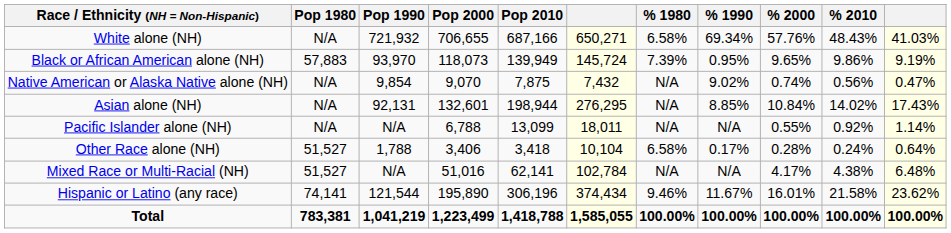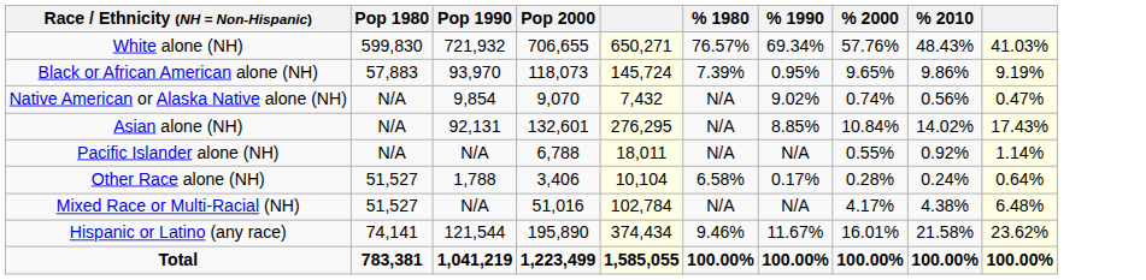 <table class="wikitable" style="text-align:center;">
 <tr>
 <th>Race / Ethnicity <small>(<em>NH = Non-Hispanic</em>)</small></th>
 <th>Pop 1980</th>
 <th>Pop 1990</th>
 <th>Pop 2000</th>
-<th>Pop 2010</th>
 <th></th>
 <th>% 1980</th>
 <th>% 1990</th>
 <th>% 2000</th>
 <th>% 2010</th>
 <th></th>
 </tr>
 <tr>
 <td><a href='#'>White</a> alone (NH)</td>
-<td>N/A</td>
+<td>599,830</td>
 <td>721,932</td>
 <td>706,655</td>
-<td>687,166</td>
 <td style='background: #ffffe6;'>650,271</td>
-<td>6.58%</td>
+<td>76.57%</td>
 <td>69.34%</td>
 <td>57.76%</td>
 <td>48.43%</td>
 <td style='background: #ffffe6;'>41.03%</td>
 </tr>
 <tr>
 <td><a href='#'>Black or African American</a> alone (NH)</td>
 <td>57,883</td>
 <td>93,970</td>
 <td>118,073</td>
-<td>139,949</td>
 <td style='background: #ffffe6;'>145,724</td>
 <td>7.39%</td>
 <td>0.95%</td>
 <td>9.65%</td>
 <td>9.86%</td>
 <td style='background: #ffffe6;'>9.19%</td>
 </tr>
 <tr>
 <td><a href='#'>Native American</a> or <a href='#'>Alaska Native</a> alone (NH)</td>
 <td>N/A</td>
 <td>9,854</td>
 <td>9,070</td>
-<td>7,875</td>
 <td style='background: #ffffe6;'>7,432</td>
 <td>N/A</td>
 <td>9.02%</td>
 <td>0.74%</td>
 <td>0.56%</td>
 <td style='background: #ffffe6;'>0.47%</td>
 </tr>
 <tr>
 <td><a href='#'>Asian</a> alone (NH)</td>
 <td>N/A</td>
 <td>92,131</td>
 <td>132,601</td>
-<td>198,944</td>
 <td style='background: #ffffe6;'>276,295</td>
 <td>N/A</td>
 <td>8.85%</td>
 <td>10.84%</td>
 <td>14.02%</td>
 <td style='background: #ffffe6;'>17.43%</td>
 </tr>
 <tr>
 <td><a href='#'>Pacific Islander</a> alone (NH)</td>
 <td>N/A</td>
 <td>N/A</td>
 <td>6,788</td>
-<td>13,099</td>
 <td style='background: #ffffe6;'>18,011</td>
 <td>N/A</td>
 <td>N/A</td>
 <td>0.55%</td>
 <td>0.92%</td>
 <td style='background: #ffffe6;'>1.14%</td>
 </tr>
 <tr>
 <td><a href='#'>Other Race</a> alone (NH)</td>
 <td>51,527</td>
 <td>1,788</td>
 <td>3,406</td>
-<td>3,418</td>
 <td style='background: #ffffe6;'>10,104</td>
 <td>6.58%</td>
 <td>0.17%</td>
 <td>0.28%</td>
 <td>0.24%</td>
 <td style='background: #ffffe6;'>0.64%</td>
 </tr>
 <tr>
 <td><a href='#'>Mixed Race or Multi-Racial</a> (NH)</td>
 <td>51,527</td>
 <td>N/A</td>
 <td>51,016</td>
-<td>62,141</td>
 <td style='background: #ffffe6;'>102,784</td>
 <td>N/A</td>
 <td>N/A</td>
 <td>4.17%</td>
 <td>4.38%</td>
 <td style='background: #ffffe6;'>6.48%</td>
 </tr>
 <tr>
 <td><a href='#'>Hispanic or Latino</a> (any race)</td>
 <td>74,141</td>
 <td>121,544</td>
 <td>195,890</td>
-<td>306,196</td>
 <td style='background: #ffffe6;'>374,434</td>
 <td>9.46%</td>
 <td>11.67%</td>
 <td>16.01%</td>
 <td>21.58%</td>
 <td style='background: #ffffe6;'>23.62%</td>
 </tr>
 <tr>
 <td><strong>Total</strong></td>
 <td><strong>783,381</strong></td>
 <td><strong>1,041,219</strong></td>
 <td><strong>1,223,499</strong></td>
-<td><strong>1,418,788</strong></td>
 <td style='background: #ffffe6;'><strong>1,585,055</strong></td>
 <td><strong>100.00%</strong></td>
 <td><strong>100.00%</strong></td>
 <td><strong>100.00%</strong></td>
 <td><strong>100.00%</strong></td>
 <td style='background: #ffffe6;'><strong>100.00%</strong></td>
 </tr>
 </table>
